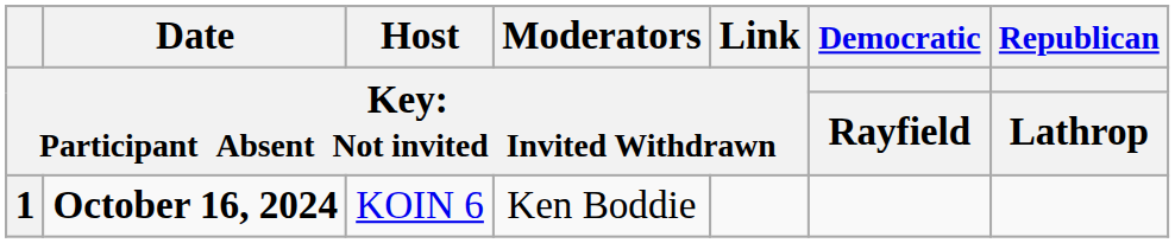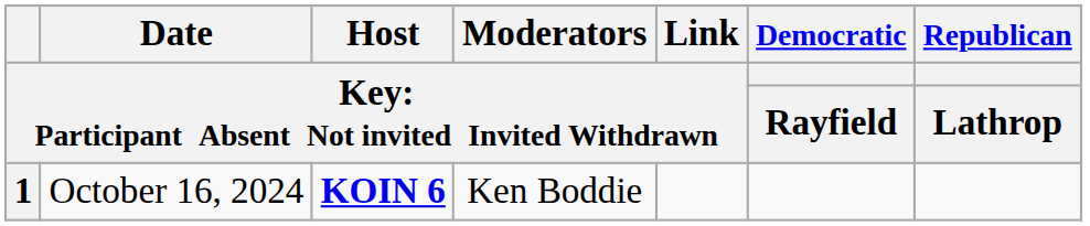 <table class="wikitable" style="text-align:center;">
 <tr>
 <th scope="col"></th>
 <th scope="col">Date</th>
 <th scope="col">Host</th>
 <th scope="col">Moderators</th>
 <th scope="col">Link</th>
 <th scope="col"><small><a href='#'>Democratic</a></small></th>
 <th scope="col"><small><a href='#'>Republican</a></small></th>
 </tr>
 <tr>
 <th colspan="5" rowspan="2">Key:<br> <small>Participant </small>  <small>Absent </small>  <small>Not invited </small>  <small>Invited  Withdrawn</small></th>
 <th scope="col" style="background:"></th>
 <th scope="col" style="background:"></th>
 </tr>
 <tr>
 <th scope="col">Rayfield</th>
 <th scope="col">Lathrop</th>
 </tr>
 <tr>
 <th>1</th>
-<td style="white-space:nowrap;"><strong>October 16, 2024</strong></td>
-<td style="white-space:nowrap;"><a href='#'>KOIN 6</a></td>
+<td style="white-space:nowrap;">October 16, 2024</td>
+<td style="white-space:nowrap;"><strong><a href='#'>KOIN 6</a></strong></td>
 <td style="white-space:nowrap;">Ken Boddie</td>
 <td style="white-space:nowrap;"></td>
 <td></td>
 <td></td>
 </tr>
 </table>
